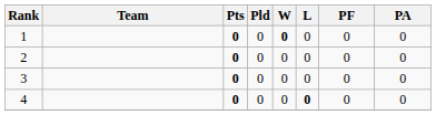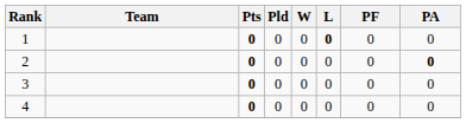 <table class=wikitable style=text-align:center>
 <tr>
 <th width=20>Rank</th>
 <th width=210>Team</th>
 <th width=20>Pts</th>
 <th width=20>Pld</th>
 <th width=20>W</th>
 <th width=20>L</th>
 <th width=60>PF</th>
 <th width=60>PA</th>
 </tr>
 <tr>
 <td>1</td>
 <td align=left></td>
 <td><strong>0</strong></td>
 <td>0</td>
+<td>0</td>
 <td><strong>0</strong></td>
-<td>0</td>
 <td>0</td>
 <td>0</td>
 </tr>
 <tr>
 <td>2</td>
 <td align=left></td>
 <td><strong>0</strong></td>
 <td>0</td>
 <td>0</td>
 <td>0</td>
 <td>0</td>
-<td>0</td>
+<td><strong>0</strong></td>
 </tr>
 <tr>
 <td>3</td>
 <td align=left></td>
 <td><strong>0</strong></td>
 <td>0</td>
 <td>0</td>
 <td>0</td>
 <td>0</td>
 <td>0</td>
 </tr>
 <tr>
 <td>4</td>
 <td align=left></td>
 <td><strong>0</strong></td>
 <td>0</td>
 <td>0</td>
-<td><strong>0</strong></td>
+<td>0</td>
 <td>0</td>
 <td>0</td>
 </tr>
 <tr>
 </tr>
 </table>
